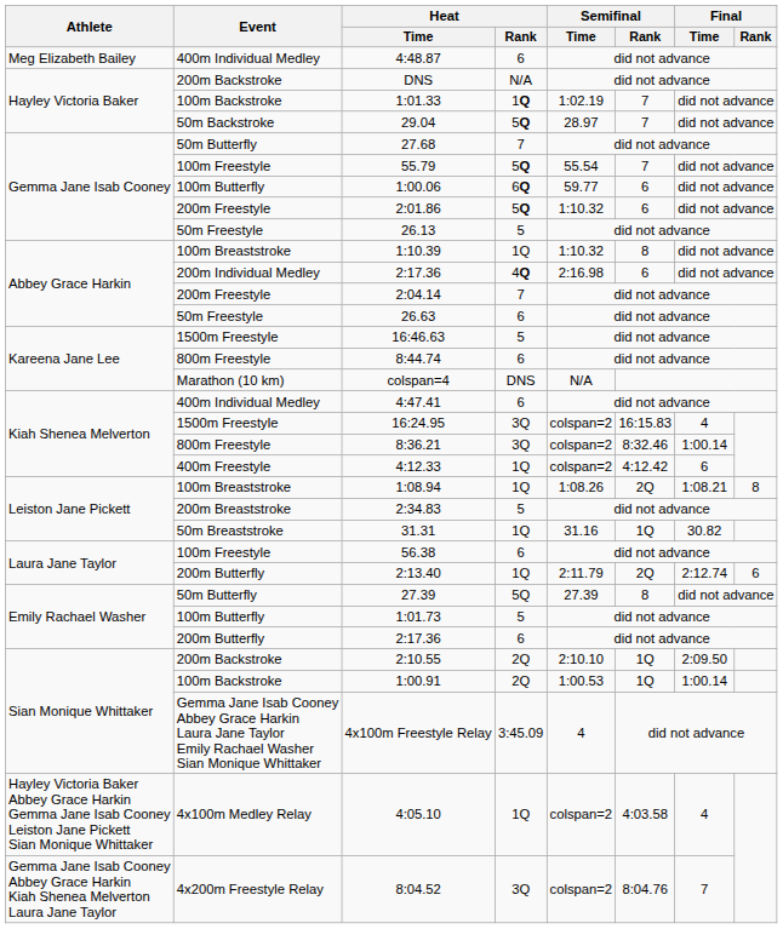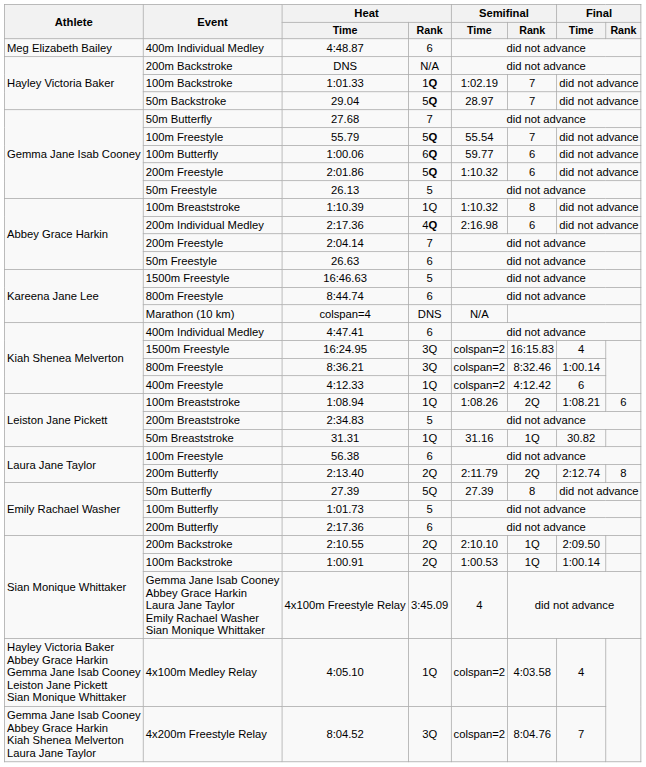 <table class=wikitable style="font-size:90%">
 <tr>
 <th rowspan="2">Athlete</th>
 <th rowspan="2">Event</th>
 <th colspan="2">Heat</th>
 <th colspan="2">Semifinal</th>
 <th colspan="2">Final</th>
 </tr>
 <tr style="font-size:95%">
 <th>Time</th>
 <th>Rank</th>
 <th>Time</th>
 <th>Rank</th>
 <th>Time</th>
 <th>Rank</th>
 </tr>
 <tr align=center>
 <td align=left>Meg Elizabeth Bailey</td>
 <td align=left>400m Individual Medley</td>
 <td>4:48.87</td>
 <td>6</td>
 <td colspan=4>did not advance</td>
 </tr>
 <tr align=center>
 <td align=left rowspan=3>Hayley Victoria Baker</td>
 <td align=left>200m Backstroke</td>
 <td>DNS</td>
 <td>N/A</td>
 <td colspan=4>did not advance</td>
 </tr>
 <tr align=center>
 <td align=left>100m Backstroke</td>
 <td>1:01.33</td>
 <td>1<strong>Q</strong></td>
 <td>1:02.19</td>
 <td>7</td>
 <td colspan=2>did not advance</td>
 </tr>
 <tr align=center>
 <td align=left>50m Backstroke</td>
 <td>29.04</td>
 <td>5<strong>Q</strong></td>
 <td>28.97</td>
 <td>7</td>
 <td colspan=2>did not advance</td>
 </tr>
 <tr align=center>
 <td align=left rowspan=5>Gemma Jane Isab Cooney</td>
 <td align=left>50m Butterfly</td>
 <td>27.68</td>
 <td>7</td>
 <td colspan=4>did not advance</td>
 </tr>
 <tr align=center>
 <td align=left>100m Freestyle</td>
 <td>55.79</td>
 <td>5<strong>Q</strong></td>
 <td>55.54</td>
 <td>7</td>
 <td colspan=2>did not advance</td>
 </tr>
 <tr align=center>
 <td align=left>100m Butterfly</td>
 <td>1:00.06</td>
 <td>6<strong>Q</strong></td>
 <td>59.77</td>
 <td>6</td>
 <td colspan=2>did not advance</td>
 </tr>
 <tr align=center>
 <td align=left>200m Freestyle</td>
 <td>2:01.86</td>
 <td>5<strong>Q</strong></td>
 <td>1:10.32</td>
 <td>6</td>
 <td colspan=2>did not advance</td>
 </tr>
 <tr align=center>
 <td align=left>50m Freestyle</td>
 <td>26.13</td>
 <td>5</td>
 <td colspan=4>did not advance</td>
 </tr>
 <tr align=center>
 <td align=left rowspan=4>Abbey Grace Harkin</td>
 <td align=left>100m Breaststroke</td>
 <td>1:10.39</td>
 <td>1</strong>Q<strong></td>
 <td>1:10.32</td>
 <td>8</td>
 <td colspan=2>did not advance</td>
 </tr>
 <tr align=center>
 <td align=left>200m Individual Medley</td>
 <td>2:17.36</td>
 <td>4<strong>Q<em></td>
 <td>2:16.98</td>
 <td>6</td>
 <td colspan=2>did not advance</td>
 </tr>
 <tr align=center>
 <td align=left>200m Freestyle</td>
 <td>2:04.14</td>
 <td>7</td>
 <td colspan=4>did not advance</td>
 </tr>
 <tr align=center>
 <td align=left>50m Freestyle</td>
 <td>26.63</td>
 <td>6</td>
 <td colspan=4>did not advance</td>
 </tr>
 <tr align=center>
 <td align=left rowspan=3>Kareena Jane Lee</td>
 <td align=left>1500m Freestyle</td>
 <td>16:46.63</td>
 <td>5</td>
 <td colspan=4>did not advance</td>
 </tr>
 <tr align=center>
 <td align=left>800m Freestyle</td>
 <td>8:44.74</td>
 <td>6</td>
 <td colspan=4>did not advance</td>
 </tr>
 <tr align=center>
 <td align=left>Marathon (10 km)</td>
 <td>colspan=4 </td>
 <td>DNS</td>
 <td>N/A</td>
 </tr>
 <tr align=center>
 <td align=left rowspan=4>Kiah Shenea Melverton</td>
 <td align=left>400m Individual Medley</td>
 <td>4:47.41</td>
 <td>6</td>
 <td colspan=4>did not advance</td>
 </tr>
 <tr align=center>
 <td align=left>1500m Freestyle</td>
 <td>16:24.95</td>
 <td>3</strong>Q<strong></td>
 <td>colspan=2 </td>
 <td>16:15.83</td>
 <td>4</td>
 </tr>
 <tr align=center>
 <td align=left>800m Freestyle</td>
 <td>8:36.21</td>
 <td>3</strong>Q<strong></td>
 <td>colspan=2 </td>
 <td>8:32.46</td>
 <td>1:00.14</td>
 </tr>
 <tr align=center>
 <td align=left>400m Freestyle</td>
 <td>4:12.33</td>
 <td>1</strong>Q<strong></td>
 <td>colspan=2 </td>
 <td>4:12.42</td>
 <td>6</td>
 </tr>
 <tr align=center>
 <td align=left rowspan=3>Leiston Jane Pickett</td>
 <td align=left>100m Breaststroke</td>
 <td>1:08.94</td>
 <td>1</strong>Q<strong></td>
 <td>1:08.26</td>
 <td>2</strong>Q<strong></td>
 <td>1:08.21</td>
-<td>8</td>
+<td>6</td>
 </tr>
 <tr align=center>
 <td align=left>200m Breaststroke</td>
 <td>2:34.83</td>
 <td>5</td>
 <td colspan=4>did not advance</td>
 </tr>
 <tr align=center>
 <td align=left>50m Breaststroke</td>
 <td>31.31</td>
 <td>1</strong>Q<strong></td>
 <td>31.16</td>
 <td>1</strong>Q<strong></td>
 <td>30.82</td>
 <td></td>
 </tr>
 <tr align=center>
 <td align=left rowspan=2>Laura Jane Taylor</td>
 <td align=left>100m Freestyle</td>
 <td>56.38</td>
 <td>6</td>
 <td colspan=4>did not advance</td>
 </tr>
 <tr align=center>
 <td align=left>200m Butterfly</td>
 <td>2:13.40</td>
-<td>1</strong>Q<strong></td>
+<td>2</strong>Q<strong></td>
 <td>2:11.79</td>
 <td>2</strong>Q<strong></td>
 <td>2:12.74</td>
-<td>6</td>
+<td>8</td>
 </tr>
 <tr align=center>
 <td align=left rowspan=3>Emily Rachael Washer</td>
 <td align=left>50m Butterfly</td>
 <td>27.39</td>
 <td>5</strong>Q<strong></td>
 <td>27.39</td>
 <td>8</td>
 <td colspan=2>did not advance</td>
 </tr>
 <tr align=center>
 <td align=left>100m Butterfly</td>
 <td>1:01.73</td>
 <td>5</td>
 <td colspan=4>did not advance</td>
 </tr>
 <tr align=center>
 <td align=left>200m Butterfly</td>
 <td>2:17.36</td>
 <td>6</td>
 <td colspan=4>did not advance</td>
 </tr>
 <tr align=center>
 <td align=left rowspan=3>Sian Monique Whittaker</td>
 <td align=left>200m Backstroke</td>
 <td>2:10.55</td>
 <td>2</strong>Q<strong></td>
 <td>2:10.10</td>
 <td>1</strong>Q<strong></td>
 <td>2:09.50</td>
 <td></td>
 </tr>
 <tr align=center>
 <td align=left>100m Backstroke</td>
 <td>1:00.91</td>
 <td>2</strong>Q<strong></td>
 <td>1:00.53</td>
 <td>1</strong>Q<strong></td>
 <td>1:00.14</td>
 <td></td>
 </tr>
 <tr align=center>
 <td align=left>Gemma Jane Isab Cooney<br>Abbey Grace Harkin<br>Laura Jane Taylor<br>Emily Rachael Washer<br>Sian Monique Whittaker</td>
 <td align=left>4x100m Freestyle Relay</td>
 <td>3:45.09</td>
 <td>4</td>
 <td colspan=4>did not advance</td>
 </tr>
 <tr align=center>
 <td align=left>Hayley Victoria Baker<br>Abbey Grace Harkin<br>Gemma Jane Isab Cooney<br>Leiston Jane Pickett<br>Sian Monique Whittaker</td>
 <td align=left>4x100m Medley Relay</td>
 <td>4:05.10</td>
 <td>1</strong>Q<strong></td>
 <td>colspan=2 </td>
 <td>4:03.58</td>
 <td>4</td>
 </tr>
 <tr align=center>
 <td align=left>Gemma Jane Isab Cooney<br>Abbey Grace Harkin<br>Kiah Shenea Melverton<br>Laura Jane Taylor</td>
 <td align=left>4x200m Freestyle Relay</td>
 <td>8:04.52</td>
 <td>3</strong>Q<strong></td>
 <td>colspan=2 </td>
 <td>8:04.76</td>
 <td>7</td>
 </tr>
 </table>
